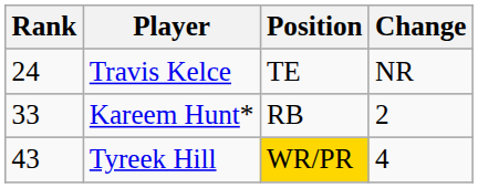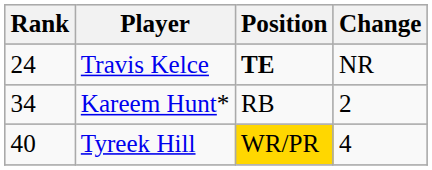 <table class="wikitable">
 <tr>
 <th>Rank</th>
 <th>Player</th>
 <th>Position</th>
 <th>Change</th>
 </tr>
 <tr>
 <td>24</td>
 <td><a href='#'>Travis Kelce</a></td>
-<td>TE</td>
+<td><strong>TE</strong></td>
 <td>NR</td>
 </tr>
 <tr>
-<td>33</td>
+<td>34</td>
 <td><a href='#'>Kareem Hunt</a>*</td>
 <td>RB</td>
 <td> 2</td>
 </tr>
 <tr>
-<td>43</td>
+<td>40</td>
 <td><a href='#'>Tyreek Hill</a></td>
 <td style="background: gold;">WR/PR</td>
 <td> 4</td>
 </tr>
 </table>
